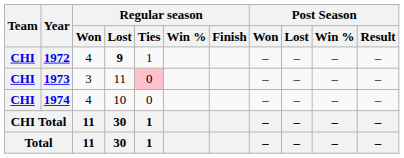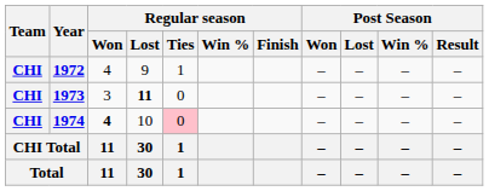 <table class="wikitable" style="font-size: 95%; text-align:center;">
 <tr>
 <th rowspan="2">Team</th>
 <th rowspan="2">Year</th>
 <th colspan="5">Regular season</th>
 <th colspan="4">Post Season</th>
 </tr>
 <tr>
 <th>Won</th>
 <th>Lost</th>
 <th>Ties</th>
 <th>Win %</th>
 <th>Finish</th>
 <th>Won</th>
 <th>Lost</th>
 <th>Win %</th>
 <th>Result</th>
 </tr>
 <tr>
 <th><a href='#'>CHI</a></th>
 <th><a href='#'>1972</a></th>
 <td>4</td>
-<td><strong>9</strong></td>
+<td>9</td>
 <td>1</td>
 <td></td>
 <td></td>
 <td>–</td>
 <td>–</td>
 <td>–</td>
 <td>–</td>
 </tr>
 <tr>
 <th><a href='#'>CHI</a></th>
 <th><a href='#'>1973</a></th>
 <td>3</td>
-<td>11</td>
-<td style="background: pink;">0</td>
+<td><strong>11</strong></td>
+<td>0</td>
 <td></td>
 <td></td>
 <td>–</td>
 <td>–</td>
 <td>–</td>
 <td>–</td>
 </tr>
 <tr>
 <th><a href='#'>CHI</a></th>
 <th><a href='#'>1974</a></th>
-<td>4</td>
+<td><strong>4</strong></td>
 <td>10</td>
-<td>0</td>
+<td style="background: pink;">0</td>
 <td></td>
 <td></td>
 <td>–</td>
 <td>–</td>
 <td>–</td>
 <td>–</td>
 </tr>
 <tr>
 <th colspan="2">CHI Total</th>
 <th>11</th>
 <th>30</th>
 <th>1</th>
 <th></th>
 <th></th>
 <th>–</th>
 <th>–</th>
 <th>–</th>
 <th>–</th>
 </tr>
 <tr>
 <th colspan="2">Total</th>
 <th>11</th>
 <th>30</th>
 <th>1</th>
 <th></th>
 <th></th>
 <th>–</th>
 <th>–</th>
 <th>–</th>
 <th>–</th>
 </tr>
 </table>
